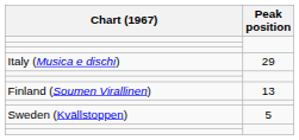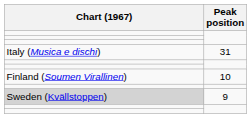 <table class="wikitable sortable">
 <tr>
 <th style="width:20em;">Chart (1967)</th>
 <th>Peak<br>position</th>
 </tr>
 <tr>
 <td></td>
 </tr>
 <tr>
 <td></td>
 </tr>
 <tr>
 <td></td>
 </tr>
 <tr>
 <td>Italy (<em><a href='#'>Musica e dischi</a></em>)</td>
-<td style="text-align:center;">29</td>
+<td style="text-align:center;">31</td>
 </tr>
 <tr>
 <td></td>
 </tr>
 <tr>
 <td></td>
 </tr>
 <tr>
 <td align="left">Finland (<a href='#'><em>Soumen Virallinen</em></a>)</td>
-<td style="text-align:center;">13</td>
+<td style="text-align:center;">10</td>
 </tr>
 <tr>
 <td></td>
 </tr>
 <tr>
-<td>Sweden (<a href='#'>Kvällstoppen</a>)</td>
-<td style="text-align:center;">5</td>
+<td style="background: lightgrey;">Sweden (<a href='#'>Kvällstoppen</a>)</td>
+<td style="text-align:center;">9</td>
 </tr>
 <tr>
 <td></td>
 </tr>
 <tr>
 <td></td>
 </tr>
 </table>
